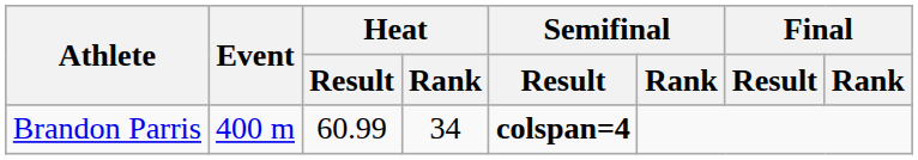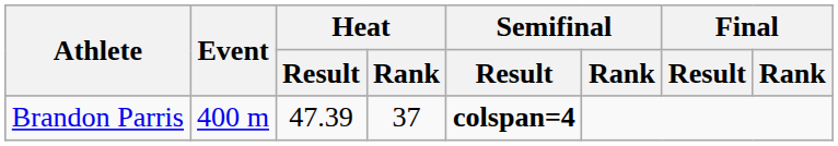 <table class="wikitable">
 <tr>
 <th rowspan="2">Athlete</th>
 <th rowspan="2">Event</th>
 <th colspan="2">Heat</th>
 <th colspan="2">Semifinal</th>
 <th colspan="2">Final</th>
 </tr>
 <tr>
 <th>Result</th>
 <th>Rank</th>
 <th>Result</th>
 <th>Rank</th>
 <th>Result</th>
 <th>Rank</th>
 </tr>
 <tr style=text-align:center>
 <td style=text-align:left><a href='#'>Brandon Parris</a></td>
 <td style=text-align:left><a href='#'>400 m</a></td>
-<td>60.99</td>
-<td>34</td>
+<td>47.39</td>
+<td>37</td>
 <td><strong>colspan=4 </strong></td>
 </tr>
 </table>
